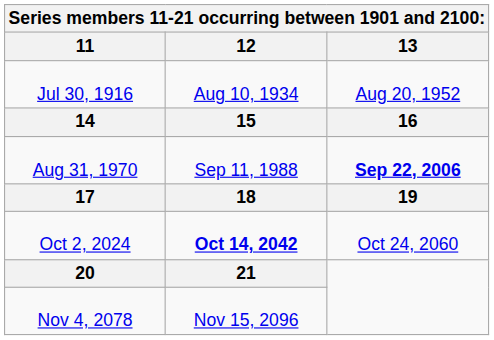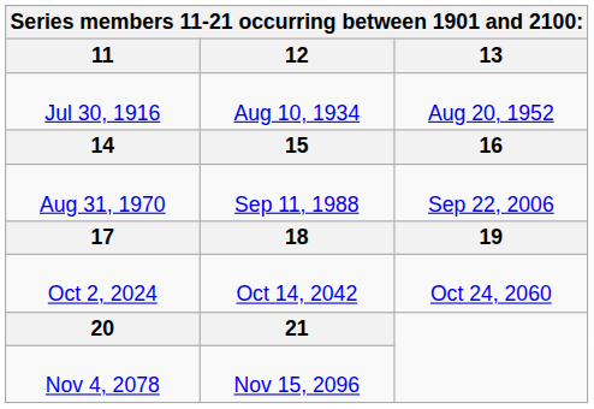 <table class="wikitable collapsible collapsed">
 <tr>
 <th colspan=3>Series members 11-21 occurring between 1901 and 2100:</th>
 </tr>
 <tr>
 <th>11</th>
 <th>12</th>
 <th>13</th>
 </tr>
 <tr style="text-align:center;">
 <td><br><a href='#'>Jul 30, 1916</a></td>
 <td><br><a href='#'>Aug 10, 1934</a></td>
 <td><br><a href='#'>Aug 20, 1952</a></td>
 </tr>
 <tr>
 <th>14</th>
 <th>15</th>
 <th>16</th>
 </tr>
 <tr style="text-align:center;">
 <td><br><a href='#'>Aug 31, 1970</a></td>
 <td><br><a href='#'>Sep 11, 1988</a></td>
-<td><strong><br><a href='#'>Sep 22, 2006</a></strong></td>
+<td><br><a href='#'>Sep 22, 2006</a></td>
 </tr>
 <tr>
 <th>17</th>
 <th>18</th>
 <th>19</th>
 </tr>
 <tr style="text-align:center;">
 <td><br><a href='#'>Oct 2, 2024</a></td>
-<td><strong><br><a href='#'>Oct 14, 2042</a></strong></td>
+<td><br><a href='#'>Oct 14, 2042</a></td>
 <td><br><a href='#'>Oct 24, 2060</a></td>
 </tr>
 <tr>
 <th>20</th>
 <th>21</th>
 </tr>
 <tr style="text-align:center;">
 <td><br><a href='#'>Nov 4, 2078</a></td>
 <td><br><a href='#'>Nov 15, 2096</a></td>
 </tr>
 </table>
